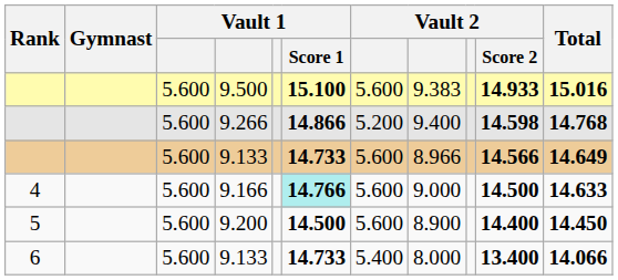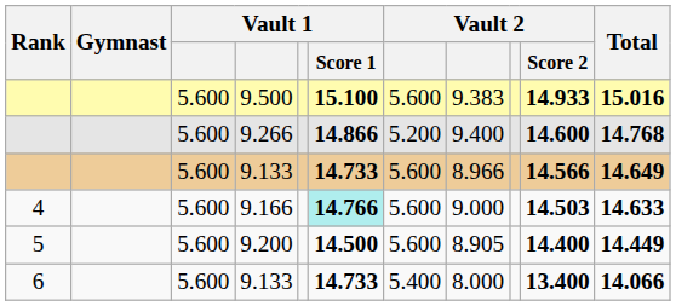 <table class="wikitable sortable" style="text-align:center">
 <tr>
 <th rowspan=2>Rank</th>
 <th rowspan=2>Gymnast</th>
 <th colspan=4>Vault 1</th>
 <th colspan=4>Vault 2</th>
 <th rowspan=2>Total</th>
 </tr>
 <tr>
 <th><small></small></th>
 <th><small></small></th>
 <th><small></small></th>
 <th><small>Score 1</small></th>
 <th><small></small></th>
 <th><small></small></th>
 <th><small></small></th>
 <th><small>Score 2</small></th>
 </tr>
 <tr style="background:#fffcaf;">
 <td></td>
 <td align=left></td>
 <td>5.600</td>
 <td>9.500</td>
 <td></td>
 <td><strong>15.100</strong></td>
 <td>5.600</td>
 <td>9.383</td>
 <td></td>
 <td><strong>14.933</strong></td>
 <td><strong>15.016</strong></td>
 </tr>
 <tr style="background:#e5e5e5;">
 <td></td>
 <td align=left></td>
 <td>5.600</td>
 <td>9.266</td>
 <td></td>
 <td><strong>14.866</strong></td>
 <td>5.200</td>
 <td>9.400</td>
 <td></td>
-<td><strong>14.598</strong></td>
+<td><strong>14.600</strong></td>
 <td><strong>14.768</strong></td>
 </tr>
 <tr style="background:#ec9;">
 <td></td>
 <td align=left></td>
 <td>5.600</td>
 <td>9.133</td>
 <td></td>
 <td><strong>14.733</strong></td>
 <td>5.600</td>
 <td>8.966</td>
 <td></td>
 <td><strong>14.566</strong></td>
 <td><strong>14.649</strong></td>
 </tr>
 <tr>
 <td>4</td>
 <td align=left></td>
 <td>5.600</td>
 <td>9.166</td>
 <td></td>
 <td style="background: paleturquoise;"><strong>14.766</strong></td>
 <td>5.600</td>
 <td>9.000</td>
 <td></td>
-<td><strong>14.500</strong></td>
+<td><strong>14.503</strong></td>
 <td><strong>14.633</strong></td>
 </tr>
 <tr>
 <td>5</td>
 <td align=left></td>
 <td>5.600</td>
 <td>9.200</td>
 <td></td>
 <td><strong>14.500</strong></td>
 <td>5.600</td>
-<td>8.900</td>
+<td>8.905</td>
 <td></td>
 <td><strong>14.400</strong></td>
-<td><strong>14.450</strong></td>
+<td><strong>14.449</strong></td>
 </tr>
 <tr>
 <td>6</td>
 <td align=left></td>
 <td>5.600</td>
 <td>9.133</td>
 <td></td>
 <td><strong>14.733</strong></td>
 <td>5.400</td>
 <td>8.000</td>
 <td></td>
 <td><strong>13.400</strong></td>
 <td><strong>14.066</strong></td>
 </tr>
 </table>
